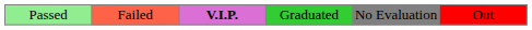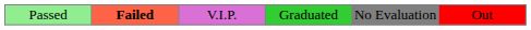 <table border="2" cellpadding="2" style="background:gray; border:1px solid gray; border-collapse:collapse; margin:0 1em 1em 0; text-align:center">
 <tr>
 </tr>
 <tr>
 <td style="background:lightgreen;" width="16.6%">Passed</td>
-<td style="background:tomato;" width="16.6%">Failed</td>
-<td style="background:orchid;" width="16.6%"><strong>V.I.P.</strong></td>
+<td style="background:tomato;" width="16.6%"><strong>Failed</strong></td>
+<td style="background:orchid;" width="16.6%">V.I.P.</td>
 <td style="background:limegreen;" width="16.6%">Graduated</td>
 <td style="background:gray;" width="16.6%">No Evaluation</td>
 <td style="background:red;" width="16.6%">Out</td>
 </tr>
 </table>
